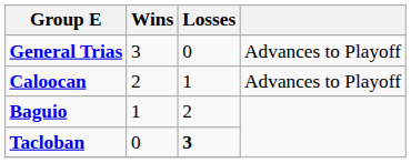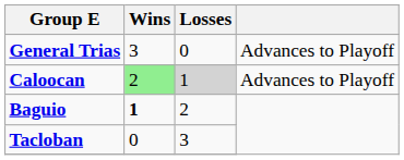 <table class="wikitable">
 <tr align=center>
 <th>Group E</th>
 <th>Wins</th>
 <th>Losses</th>
 <th></th>
 </tr>
 <tr>
 <td><strong><a href='#'>General Trias</a></strong></td>
 <td>3</td>
 <td>0</td>
 <td>Advances to Playoff</td>
 </tr>
 <tr>
 <td><strong><a href='#'>Caloocan</a></strong></td>
-<td>2</td>
-<td>1</td>
+<td style="background: lightgreen;">2</td>
+<td style="background: lightgrey;">1</td>
 <td>Advances to Playoff</td>
 </tr>
 <tr>
 <td><strong><a href='#'>Baguio</a></strong></td>
-<td>1</td>
+<td><strong>1</strong></td>
 <td>2</td>
 </tr>
 <tr>
 <td><strong><a href='#'>Tacloban</a></strong></td>
 <td>0</td>
-<td><strong>3</strong></td>
+<td>3</td>
 </tr>
 <tr>
 </tr>
 </table>
